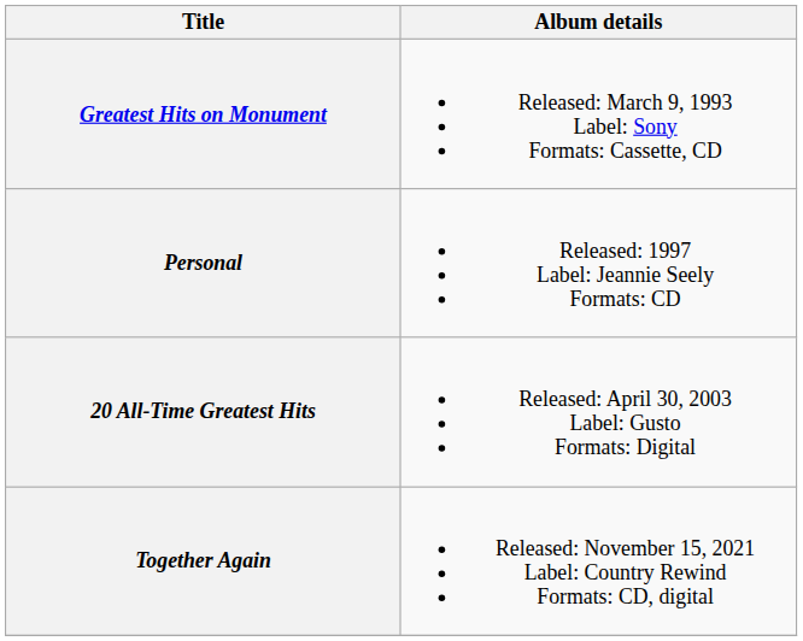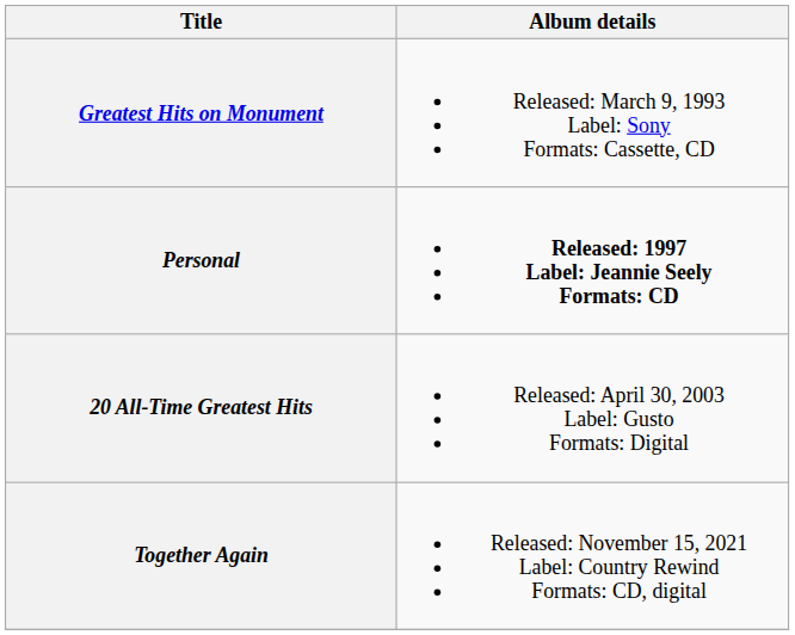 <table class="wikitable plainrowheaders" style="text-align:center;">
 <tr>
 <th scope="col" style="width:18em;">Title</th>
 <th scope="col" style="width:18em;">Album details</th>
 </tr>
 <tr>
 <th scope="row"><em><a href='#'>Greatest Hits on Monument</a></em></th>
 <td><br><ul><li>Released: March 9, 1993</li><li>Label: <a href='#'>Sony</a></li><li>Formats: Cassette, CD</li></ul></td>
 </tr>
 <tr>
 <th scope="row"><em>Personal</em></th>
-<td><br><ul><li>Released: 1997</li><li>Label: Jeannie Seely</li><li>Formats: CD</li></ul></td>
+<td><strong><br><ul><li>Released: 1997</li><li>Label: Jeannie Seely</li><li>Formats: CD</li></ul></strong></td>
 </tr>
 <tr>
 <th scope="row"><em>20 All-Time Greatest Hits</em><br></th>
 <td><br><ul><li>Released: April 30, 2003</li><li>Label: Gusto</li><li>Formats: Digital</li></ul></td>
 </tr>
 <tr>
 <th scope="row"><em>Together Again</em><br></th>
 <td><br><ul><li>Released: November 15, 2021</li><li>Label: Country Rewind</li><li>Formats: CD, digital</li></ul></td>
 </tr>
 <tr>
 </tr>
 </table>
